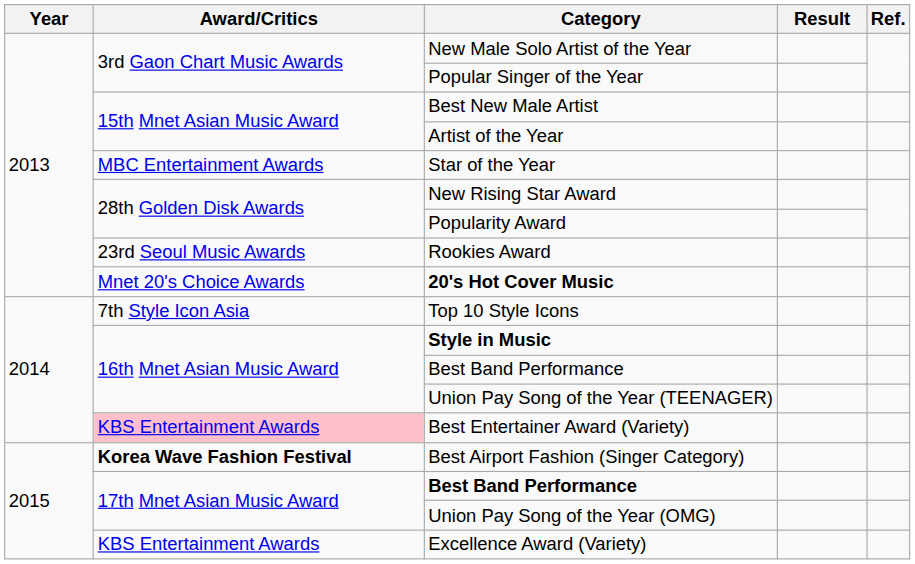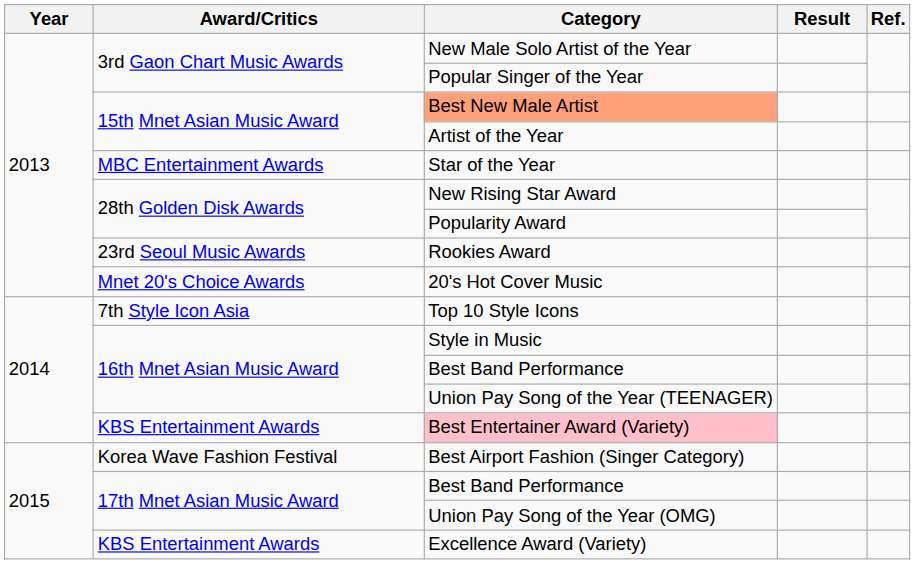 <table class="wikitable">
 <tr>
 <th width="70">Year</th>
 <th width="280">Award/Critics</th>
 <th width="300">Category</th>
 <th width="70">Result</th>
 <th>Ref.</th>
 </tr>
 <tr>
 <td rowspan="9">2013</td>
 <td rowspan="2">3rd <a href='#'>Gaon Chart Music Awards</a></td>
 <td>New Male Solo Artist of the Year</td>
 <td></td>
 <td rowspan="2"></td>
 </tr>
 <tr>
 <td>Popular Singer of the Year </td>
 <td></td>
 </tr>
 <tr>
 <td rowspan="2"><a href='#'>15th</a> <a href='#'>Mnet Asian Music Award</a></td>
-<td>Best New Male Artist</td>
+<td style="background: lightsalmon;">Best New Male Artist</td>
 <td></td>
 <td></td>
 </tr>
 <tr>
 <td>Artist of the Year</td>
 <td></td>
 <td></td>
 </tr>
 <tr>
 <td><a href='#'>MBC Entertainment Awards</a></td>
 <td>Star of the Year</td>
 <td></td>
 <td></td>
 </tr>
 <tr>
 <td rowspan="2">28th <a href='#'>Golden Disk Awards</a></td>
 <td>New Rising Star Award</td>
 <td></td>
 <td rowspan="2"></td>
 </tr>
 <tr>
 <td>Popularity Award</td>
 <td></td>
 </tr>
 <tr>
 <td>23rd <a href='#'>Seoul Music Awards</a></td>
 <td>Rookies Award</td>
 <td></td>
 <td></td>
 </tr>
 <tr>
 <td><a href='#'>Mnet 20's Choice Awards</a></td>
-<td><strong>20's Hot Cover Music </strong></td>
+<td>20's Hot Cover Music </td>
 <td></td>
 <td></td>
 </tr>
 <tr>
 <td rowspan="5">2014</td>
 <td>7th <a href='#'>Style Icon Asia</a></td>
 <td>Top 10 Style Icons</td>
 <td></td>
 <td></td>
 </tr>
 <tr>
 <td rowspan="3"><a href='#'>16th</a> <a href='#'>Mnet Asian Music Award</a></td>
-<td><strong>Style in Music</strong></td>
+<td>Style in Music</td>
 <td></td>
 <td></td>
 </tr>
 <tr>
 <td>Best Band Performance</td>
 <td></td>
 <td></td>
 </tr>
 <tr>
 <td>Union Pay Song of the Year (TEENAGER)</td>
 <td></td>
 <td></td>
 </tr>
 <tr>
-<td style="background: pink;"><a href='#'>KBS Entertainment Awards</a></td>
-<td>Best Entertainer Award (Variety)</td>
+<td><a href='#'>KBS Entertainment Awards</a></td>
+<td style="background: pink;">Best Entertainer Award (Variety)</td>
 <td></td>
 <td></td>
 </tr>
 <tr>
 <td rowspan="6">2015</td>
-<td><strong>Korea Wave Fashion Festival</strong></td>
+<td>Korea Wave Fashion Festival</td>
 <td>Best Airport Fashion (Singer Category)</td>
 <td></td>
 <td></td>
 </tr>
 <tr>
 <td rowspan="2"><a href='#'>17th</a> <a href='#'>Mnet Asian Music Award</a></td>
-<td><strong>Best Band Performance</strong></td>
+<td>Best Band Performance</td>
 <td></td>
 <td></td>
 </tr>
 <tr>
 <td>Union Pay Song of the Year (OMG)</td>
 <td></td>
 <td></td>
 </tr>
 <tr>
 <td><a href='#'>KBS Entertainment Awards</a></td>
 <td>Excellence Award (Variety)</td>
 <td></td>
 <td></td>
 </tr>
 </table>
